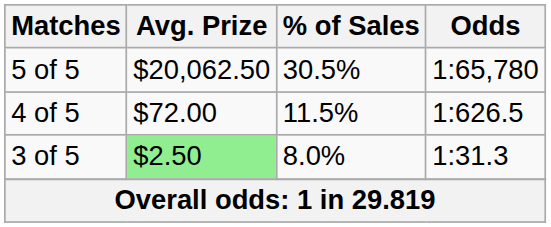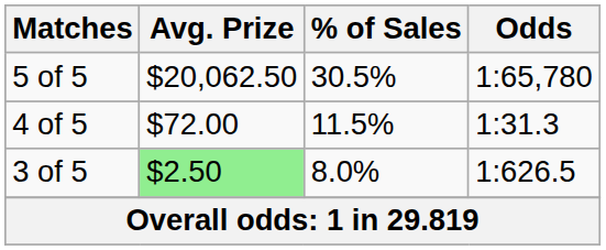 <table class="wikitable">
 <tr>
 <th>Matches</th>
 <th>Avg. Prize</th>
 <th>% of Sales</th>
 <th>Odds</th>
 </tr>
 <tr>
 <td>5 of 5</td>
 <td>$20,062.50</td>
 <td>30.5%</td>
 <td>1:65,780</td>
 </tr>
 <tr>
 <td>4 of 5</td>
 <td>$72.00</td>
 <td>11.5%</td>
-<td>1:626.5</td>
+<td>1:31.3</td>
 </tr>
 <tr>
 <td>3 of 5</td>
 <td style="background: lightgreen;">$2.50</td>
 <td>8.0%</td>
-<td>1:31.3</td>
+<td>1:626.5</td>
 </tr>
 <tr>
 </tr>
 <tr>
 <th colspan="4">Overall odds: 1 in 29.819</th>
 </tr>
 </table>
